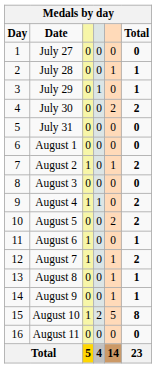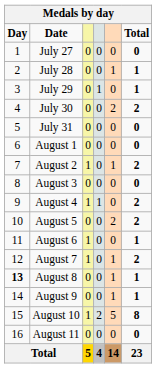 <table class=wikitable style="font-size:85%; float:right;text-align:center">
 <tr>
 <th colspan=7><strong>Medals by day</strong></th>
 </tr>
 <tr>
 <td><strong>Day</strong></td>
 <td><strong>Date</strong></td>
 <td bgcolor=F7F6A8></td>
 <td bgcolor=DCE5E5></td>
 <td bgcolor=FFDAB9></td>
 <td><strong>Total</strong></td>
 </tr>
 <tr>
 <td>1</td>
 <td>July 27</td>
 <td bgcolor=F7F6A8>0</td>
 <td bgcolor=DCE5E5>0</td>
 <td bgcolor=FFDAB9>0</td>
 <td><strong>0</strong></td>
 </tr>
 <tr>
 <td>2</td>
 <td>July 28</td>
 <td bgcolor=F7F6A8>0</td>
 <td bgcolor=DCE5E5>0</td>
 <td bgcolor=FFDAB9>1</td>
 <td><strong>1</strong></td>
 </tr>
 <tr>
 <td>3</td>
 <td>July 29</td>
 <td bgcolor=F7F6A8>0</td>
 <td bgcolor=DCE5E5>1</td>
 <td bgcolor=FFDAB9>0</td>
 <td><strong>1</strong></td>
 </tr>
 <tr>
 <td>4</td>
 <td>July 30</td>
 <td bgcolor=F7F6A8>0</td>
 <td bgcolor=DCE5E5>0</td>
 <td bgcolor=FFDAB9>2</td>
 <td><strong>2</strong></td>
 </tr>
 <tr>
 <td>5</td>
 <td>July 31</td>
 <td bgcolor=F7F6A8>0</td>
 <td bgcolor=DCE5E5>0</td>
 <td bgcolor=FFDAB9>0</td>
 <td><strong>0</strong></td>
 </tr>
 <tr>
 <td>6</td>
 <td>August 1</td>
 <td bgcolor=F7F6A8>0</td>
 <td bgcolor=DCE5E5>0</td>
 <td bgcolor=FFDAB9>0</td>
 <td><strong>0</strong></td>
 </tr>
 <tr>
 <td>7</td>
 <td>August 2</td>
 <td bgcolor=F7F6A8>1</td>
 <td bgcolor=DCE5E5>0</td>
 <td bgcolor=FFDAB9>1</td>
 <td><strong>2</strong></td>
 </tr>
 <tr>
 <td>8</td>
 <td>August 3</td>
 <td bgcolor=F7F6A8>0</td>
 <td bgcolor=DCE5E5>0</td>
 <td bgcolor=FFDAB9>0</td>
 <td><strong>0</strong></td>
 </tr>
 <tr>
 <td>9</td>
 <td>August 4</td>
 <td bgcolor=F7F6A8>1</td>
 <td bgcolor=DCE5E5>1</td>
 <td bgcolor=FFDAB9>0</td>
 <td><strong>2</strong></td>
 </tr>
 <tr>
 <td>10</td>
 <td>August 5</td>
 <td bgcolor=F7F6A8>0</td>
 <td bgcolor=DCE5E5>0</td>
 <td bgcolor=FFDAB9>2</td>
 <td><strong>2</strong></td>
 </tr>
 <tr>
 <td>11</td>
 <td>August 6</td>
 <td bgcolor=F7F6A8>1</td>
 <td bgcolor=DCE5E5>0</td>
 <td bgcolor=FFDAB9>0</td>
 <td><strong>1</strong></td>
 </tr>
 <tr>
 <td>12</td>
 <td>August 7</td>
 <td bgcolor=F7F6A8>1</td>
 <td bgcolor=DCE5E5>0</td>
 <td bgcolor=FFDAB9>1</td>
 <td><strong>2</strong></td>
 </tr>
 <tr>
-<td>13</td>
+<td><strong>13</strong></td>
 <td>August 8</td>
 <td bgcolor=F7F6A8>0</td>
 <td bgcolor=DCE5E5>0</td>
 <td bgcolor=FFDAB9>1</td>
 <td><strong>1</strong></td>
 </tr>
 <tr>
 <td>14</td>
 <td>August 9</td>
 <td bgcolor=F7F6A8>0</td>
 <td bgcolor=DCE5E5>0</td>
 <td bgcolor=FFDAB9>1</td>
 <td><strong>1</strong></td>
 </tr>
 <tr>
 <td>15</td>
 <td>August 10</td>
 <td bgcolor=F7F6A8>1</td>
 <td bgcolor=DCE5E5>2</td>
 <td bgcolor=FFDAB9>5</td>
 <td><strong>8</strong></td>
 </tr>
 <tr>
 <td>16</td>
 <td>August 11</td>
 <td bgcolor=F7F6A8>0</td>
 <td bgcolor=DCE5E5>0</td>
 <td bgcolor=FFDAB9>0</td>
 <td><strong>0</strong></td>
 </tr>
 <tr>
 <th colspan=2><strong>Total</strong></th>
 <th style=background:gold><strong>5</strong></th>
 <th style=background:silver><strong>4</strong></th>
 <th style=background:#C96><strong>14</strong></th>
 <th><strong>23</strong></th>
 </tr>
 </table>
